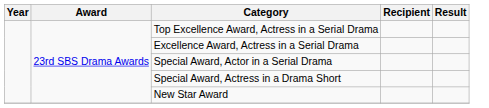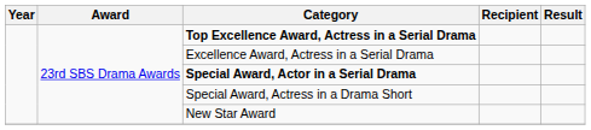 <table class="wikitable">
 <tr>
 <th>Year</th>
 <th>Award</th>
 <th>Category</th>
 <th>Recipient</th>
 <th>Result</th>
 </tr>
 <tr>
 <td rowspan="5"></td>
 <td rowspan="5"><a href='#'>23rd SBS Drama Awards</a></td>
-<td>Top Excellence Award, Actress in a Serial Drama</td>
+<td><strong>Top Excellence Award, Actress in a Serial Drama</strong></td>
 <td></td>
 <td></td>
 </tr>
 <tr>
 <td>Excellence Award, Actress in a Serial Drama</td>
 <td></td>
 <td></td>
 </tr>
 <tr>
-<td>Special Award, Actor in a Serial Drama</td>
+<td><strong>Special Award, Actor in a Serial Drama</strong></td>
 <td></td>
 <td></td>
 </tr>
 <tr>
 <td>Special Award, Actress in a Drama Short</td>
 <td></td>
 <td></td>
 </tr>
 <tr>
 <td>New Star Award</td>
 <td></td>
 <td></td>
 </tr>
 <tr>
 </tr>
 </table>
